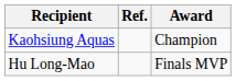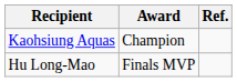 <table class="wikitable">
 <tr>
 <th>Recipient</th>
+<th>Award</th>
 <th>Ref.</th>
-<th>Award</th>
 </tr>
 <tr>
 <td><a href='#'>Kaohsiung Aquas</a></td>
+<td>Champion</td>
 <td></td>
-<td>Champion</td>
 </tr>
 <tr>
 <td>Hu Long-Mao</td>
+<td>Finals MVP</td>
 <td></td>
-<td>Finals MVP</td>
 </tr>
 </table>
